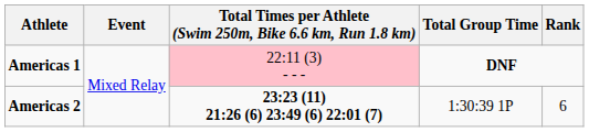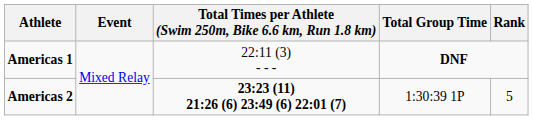 <table class="wikitable">
 <tr>
 <th>Athlete</th>
 <th>Event</th>
 <th>Total Times per Athlete<br><em>(Swim 250m, Bike 6.6 km,</em> <em>Run 1.8 km)</em></th>
 <th>Total Group Time</th>
 <th>Rank</th>
 </tr>
 <tr align="center">
 <td align="left"><strong>Americas 1</strong></td>
 <td rowspan="2" align="left"><a href='#'>Mixed Relay</a></td>
-<td valign="bottom" style="background: pink;">22:11 (3)<br>- - -</td>
+<td valign="bottom">22:11 (3)<br>- - -</td>
 <td colspan="2"><strong>DNF</strong></td>
 </tr>
 <tr align="center">
 <td align="left"><strong>Americas 2</strong></td>
 <td valign="bottom"><strong>23:23 (11)<br>21:26 (6) 23:49 (6) 22:01 (7)</strong></td>
 <td>1:30:39 1P</td>
-<td>6</td>
+<td>5</td>
 </tr>
 </table>
